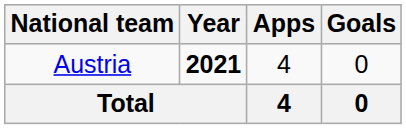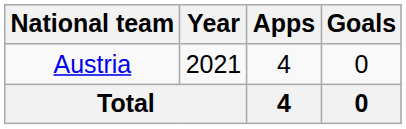 <table class=wikitable style=text-align:center>
 <tr>
 <th>National team</th>
 <th>Year</th>
 <th>Apps</th>
 <th>Goals</th>
 </tr>
 <tr>
 <td><a href='#'>Austria</a></td>
-<td><strong>2021</strong></td>
+<td>2021</td>
 <td>4</td>
 <td>0</td>
 </tr>
 <tr>
 <th colspan="2">Total</th>
 <th>4</th>
 <th>0</th>
 </tr>
 </table>
